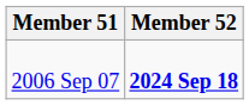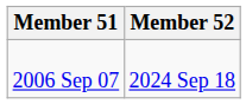 <table class=wikitable align=right>
 <tr>
 <th>Member 51</th>
 <th>Member 52</th>
 </tr>
 <tr>
 <td><br><a href='#'>2006 Sep 07</a></td>
-<td><strong><br><a href='#'>2024 Sep 18</a></strong></td>
+<td><br><a href='#'>2024 Sep 18</a></td>
 </tr>
 </table>
